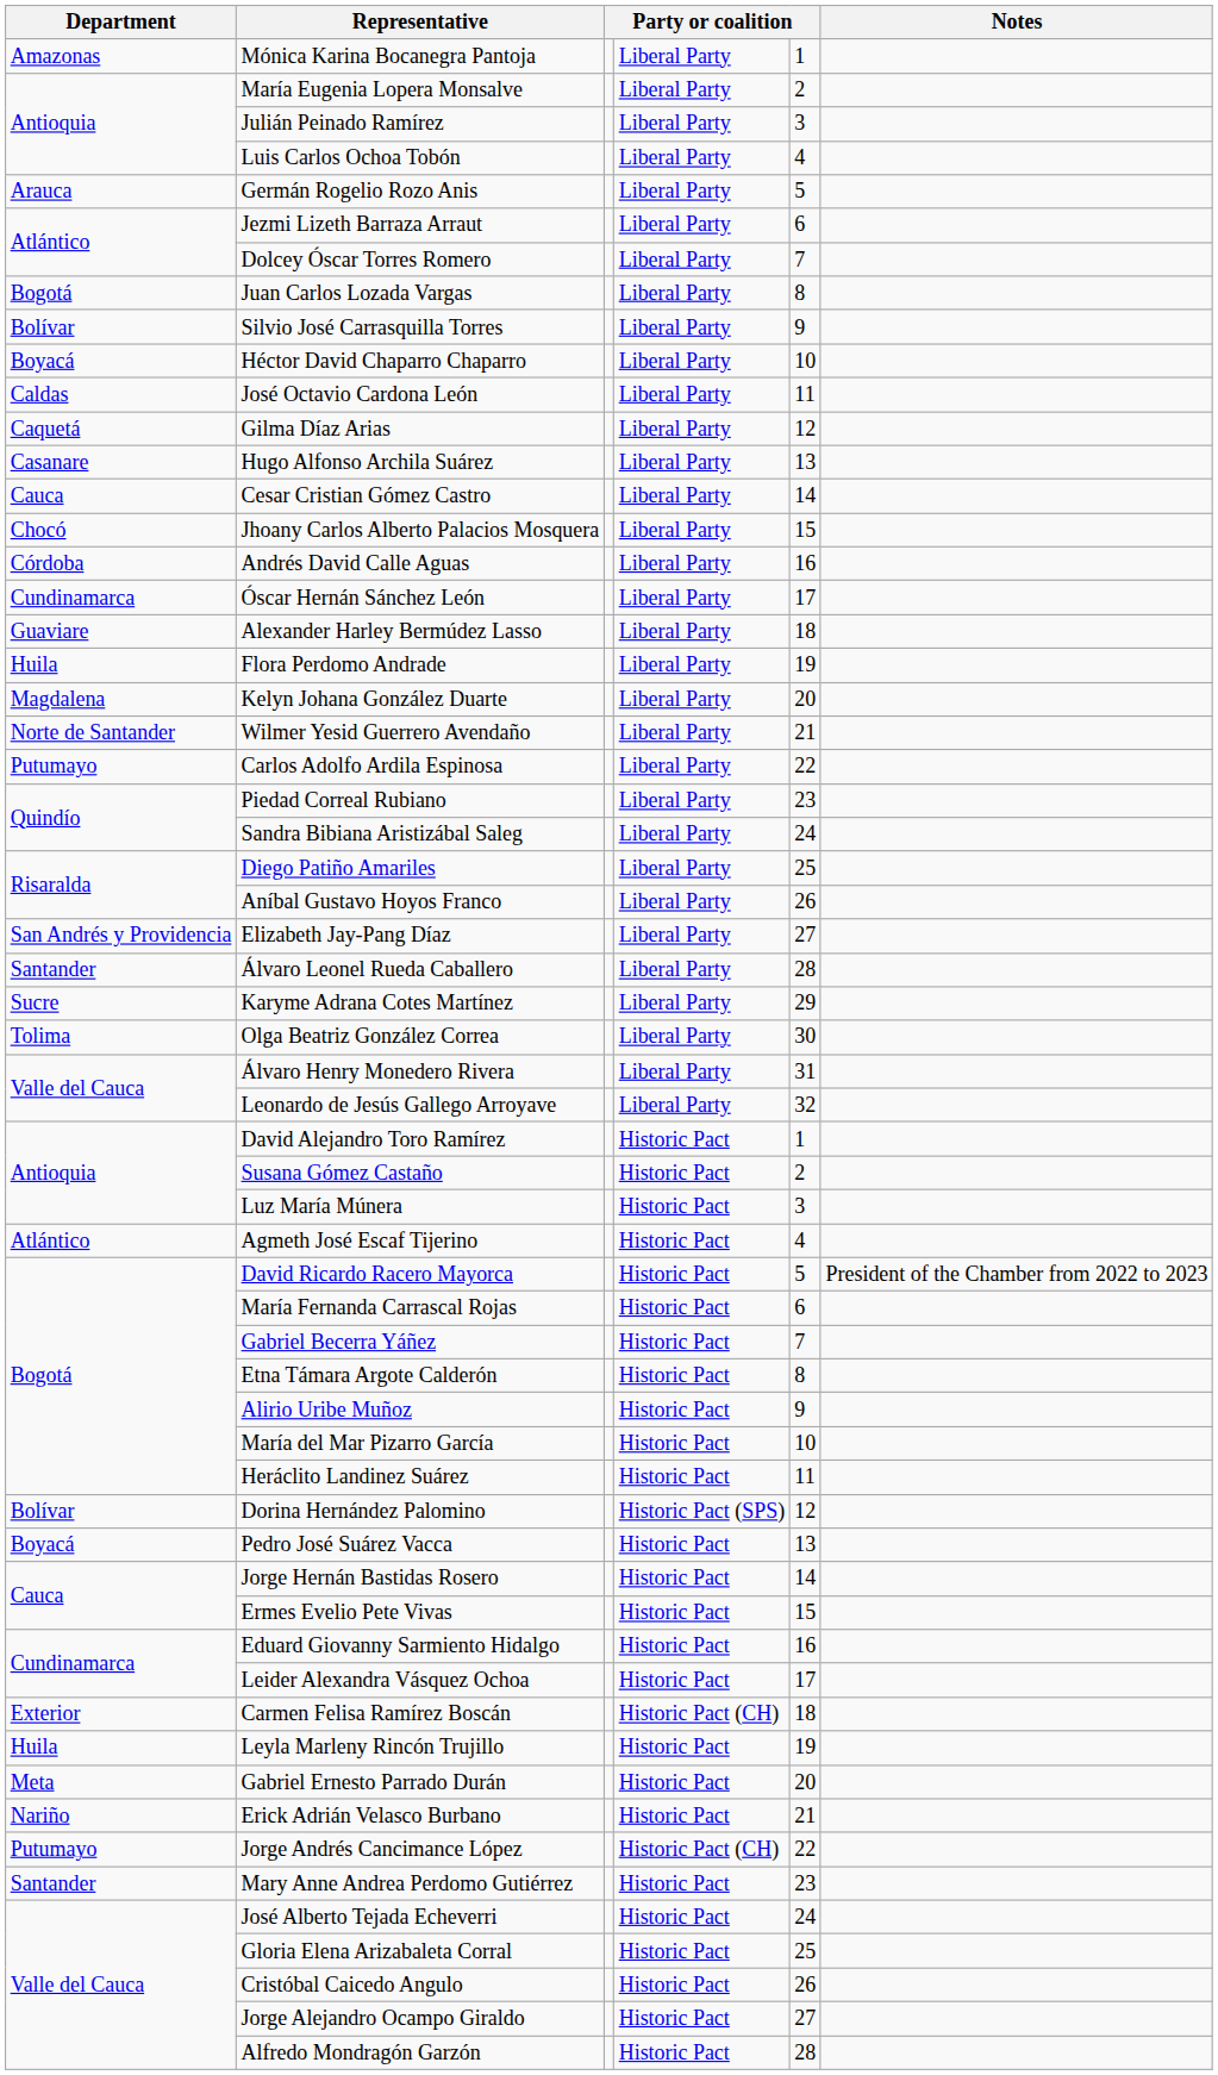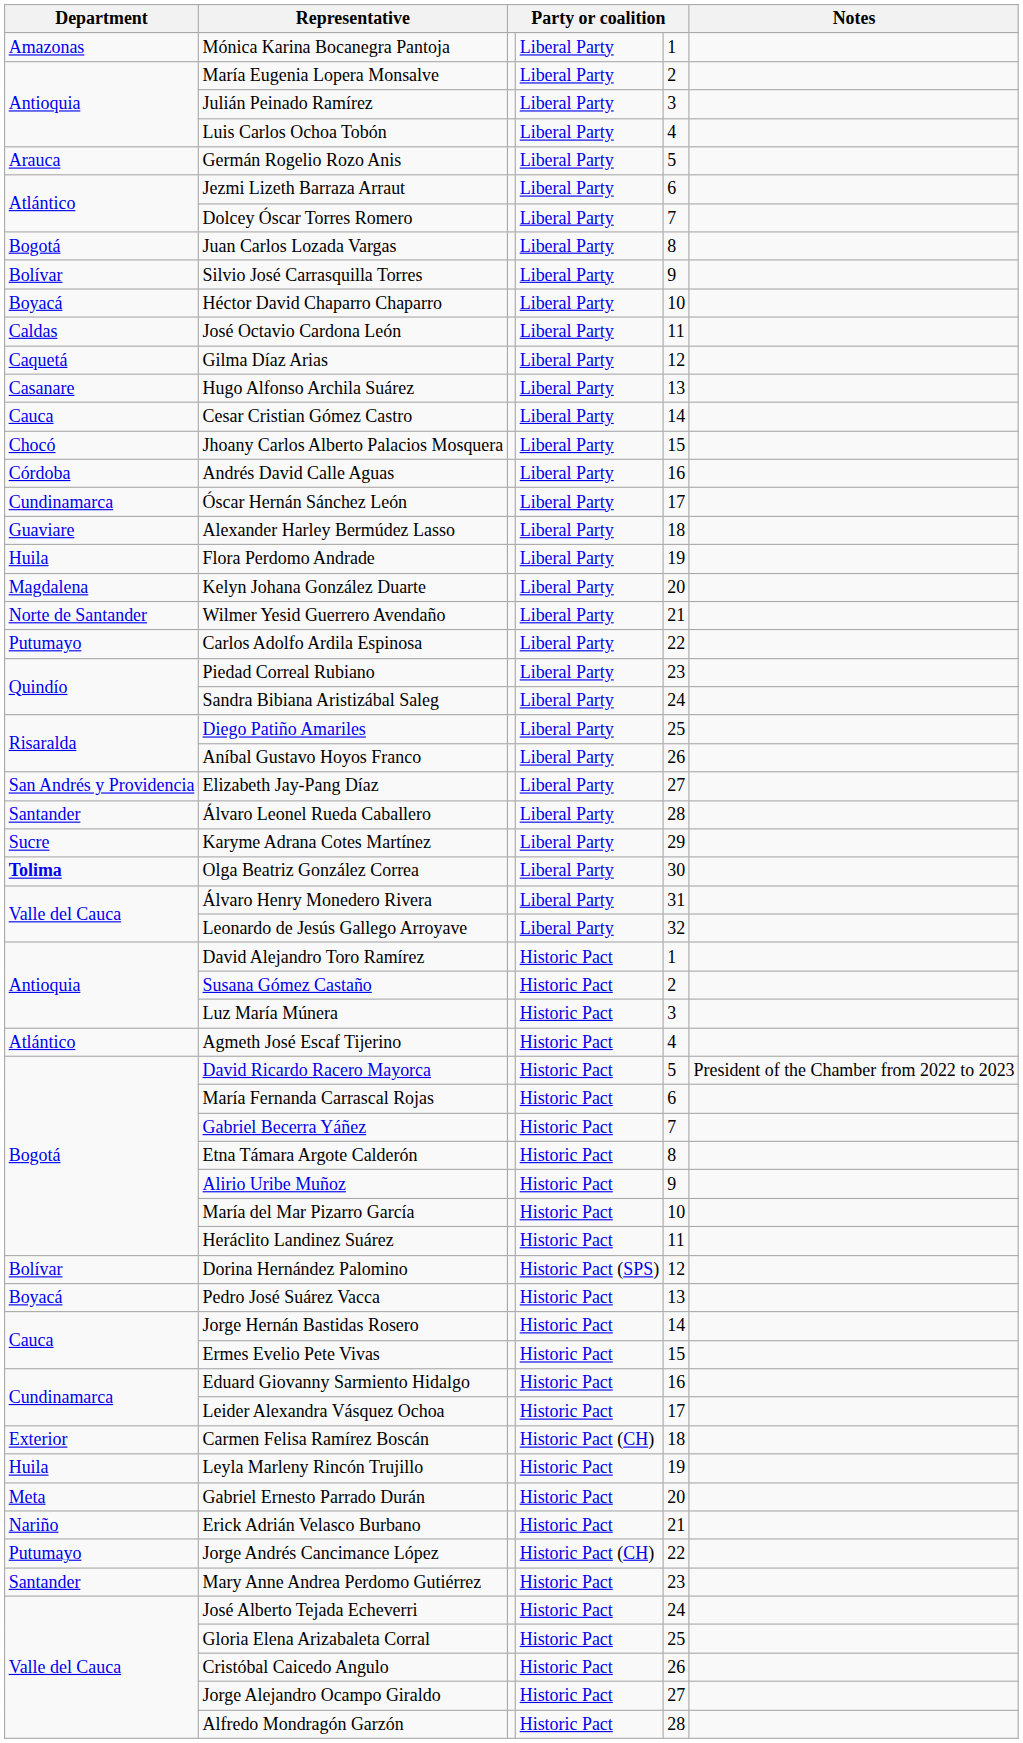 <table class="wikitable sortable" style="text-align:left">
 <tr>
 <th>Department</th>
 <th>Representative</th>
 <th colspan="3">Party or coalition</th>
 <th>Notes</th>
 </tr>
 <tr>
 <td><a href='#'>Amazonas</a></td>
 <td>Mónica Karina Bocanegra Pantoja</td>
 <td style="background: "></td>
 <td><a href='#'>Liberal Party</a></td>
 <td>1</td>
 <td></td>
 </tr>
 <tr>
 <td rowspan="3"><a href='#'>Antioquia</a></td>
 <td>María Eugenia Lopera Monsalve</td>
 <td style="background: "></td>
 <td><a href='#'>Liberal Party</a></td>
 <td>2</td>
 <td></td>
 </tr>
 <tr>
 <td>Julián Peinado Ramírez</td>
 <td style="background: "></td>
 <td><a href='#'>Liberal Party</a></td>
 <td>3</td>
 <td></td>
 </tr>
 <tr>
 <td>Luis Carlos Ochoa Tobón</td>
 <td style="background: "></td>
 <td><a href='#'>Liberal Party</a></td>
 <td>4</td>
 <td></td>
 </tr>
 <tr>
 <td><a href='#'>Arauca</a></td>
 <td>Germán Rogelio Rozo Anis</td>
 <td style="background: "></td>
 <td><a href='#'>Liberal Party</a></td>
 <td>5</td>
 <td></td>
 </tr>
 <tr>
 <td rowspan="2"><a href='#'>Atlántico</a></td>
 <td>Jezmi Lizeth Barraza Arraut</td>
 <td style="background: "></td>
 <td><a href='#'>Liberal Party</a></td>
 <td>6</td>
 <td></td>
 </tr>
 <tr>
 <td>Dolcey Óscar Torres Romero</td>
 <td style="background: "></td>
 <td><a href='#'>Liberal Party</a></td>
 <td>7</td>
 <td></td>
 </tr>
 <tr>
 <td><a href='#'>Bogotá</a></td>
 <td>Juan Carlos Lozada Vargas</td>
 <td style="background: "></td>
 <td><a href='#'>Liberal Party</a></td>
 <td>8</td>
 <td></td>
 </tr>
 <tr>
 <td><a href='#'>Bolívar</a></td>
 <td>Silvio José Carrasquilla Torres</td>
 <td style="background: "></td>
 <td><a href='#'>Liberal Party</a></td>
 <td>9</td>
 <td></td>
 </tr>
 <tr>
 <td><a href='#'>Boyacá</a></td>
 <td>Héctor David Chaparro Chaparro</td>
 <td style="background: "></td>
 <td><a href='#'>Liberal Party</a></td>
 <td>10</td>
 <td></td>
 </tr>
 <tr>
 <td><a href='#'>Caldas</a></td>
 <td>José Octavio Cardona León</td>
 <td style="background: "></td>
 <td><a href='#'>Liberal Party</a></td>
 <td>11</td>
 <td></td>
 </tr>
 <tr>
 <td><a href='#'>Caquetá</a></td>
 <td>Gilma Díaz Arias</td>
 <td style="background: "></td>
 <td><a href='#'>Liberal Party</a></td>
 <td>12</td>
 <td></td>
 </tr>
 <tr>
 <td><a href='#'>Casanare</a></td>
 <td>Hugo Alfonso Archila Suárez</td>
 <td style="background: "></td>
 <td><a href='#'>Liberal Party</a></td>
 <td>13</td>
 <td></td>
 </tr>
 <tr>
 <td><a href='#'>Cauca</a></td>
 <td>Cesar Cristian Gómez Castro</td>
 <td style="background: "></td>
 <td><a href='#'>Liberal Party</a></td>
 <td>14</td>
 <td></td>
 </tr>
 <tr>
 <td><a href='#'>Chocó</a></td>
 <td>Jhoany Carlos Alberto Palacios Mosquera</td>
 <td style="background: "></td>
 <td><a href='#'>Liberal Party</a></td>
 <td>15</td>
 <td></td>
 </tr>
 <tr>
 <td><a href='#'>Córdoba</a></td>
 <td>Andrés David Calle Aguas</td>
 <td style="background: "></td>
 <td><a href='#'>Liberal Party</a></td>
 <td>16</td>
 <td></td>
 </tr>
 <tr>
 <td><a href='#'>Cundinamarca</a></td>
 <td>Óscar Hernán Sánchez León</td>
 <td style="background: "></td>
 <td><a href='#'>Liberal Party</a></td>
 <td>17</td>
 <td></td>
 </tr>
 <tr>
 <td><a href='#'>Guaviare</a></td>
 <td>Alexander Harley Bermúdez Lasso</td>
 <td style="background: "></td>
 <td><a href='#'>Liberal Party</a></td>
 <td>18</td>
 <td></td>
 </tr>
 <tr>
 <td><a href='#'>Huila</a></td>
 <td>Flora Perdomo Andrade</td>
 <td style="background: "></td>
 <td><a href='#'>Liberal Party</a></td>
 <td>19</td>
 <td></td>
 </tr>
 <tr>
 <td><a href='#'>Magdalena</a></td>
 <td>Kelyn Johana González Duarte</td>
 <td style="background: "></td>
 <td><a href='#'>Liberal Party</a></td>
 <td>20</td>
 <td></td>
 </tr>
 <tr>
 <td><a href='#'>Norte de Santander</a></td>
 <td>Wilmer Yesid Guerrero Avendaño</td>
 <td style="background: "></td>
 <td><a href='#'>Liberal Party</a></td>
 <td>21</td>
 <td></td>
 </tr>
 <tr>
 <td><a href='#'>Putumayo</a></td>
 <td>Carlos Adolfo Ardila Espinosa</td>
 <td style="background: "></td>
 <td><a href='#'>Liberal Party</a></td>
 <td>22</td>
 <td></td>
 </tr>
 <tr>
 <td rowspan="2"><a href='#'>Quindío</a></td>
 <td>Piedad Correal Rubiano</td>
 <td style="background: "></td>
 <td><a href='#'>Liberal Party</a></td>
 <td>23</td>
 <td></td>
 </tr>
 <tr>
 <td>Sandra Bibiana Aristizábal Saleg</td>
 <td style="background: "></td>
 <td><a href='#'>Liberal Party</a></td>
 <td>24</td>
 <td></td>
 </tr>
 <tr>
 <td rowspan="2"><a href='#'>Risaralda</a></td>
 <td><a href='#'>Diego Patiño Amariles</a></td>
 <td style="background: "></td>
 <td><a href='#'>Liberal Party</a></td>
 <td>25</td>
 <td></td>
 </tr>
 <tr>
 <td>Aníbal Gustavo Hoyos Franco</td>
 <td style="background: "></td>
 <td><a href='#'>Liberal Party</a></td>
 <td>26</td>
 <td></td>
 </tr>
 <tr>
 <td><a href='#'>San Andrés y Providencia</a></td>
 <td>Elizabeth Jay-Pang Díaz</td>
 <td style="background: "></td>
 <td><a href='#'>Liberal Party</a></td>
 <td>27</td>
 <td></td>
 </tr>
 <tr>
 <td><a href='#'>Santander</a></td>
 <td>Álvaro Leonel Rueda Caballero</td>
 <td style="background: "></td>
 <td><a href='#'>Liberal Party</a></td>
 <td>28</td>
 <td></td>
 </tr>
 <tr>
 <td><a href='#'>Sucre</a></td>
 <td>Karyme Adrana Cotes Martínez</td>
 <td style="background: "></td>
 <td><a href='#'>Liberal Party</a></td>
 <td>29</td>
 <td></td>
 </tr>
 <tr>
-<td><a href='#'>Tolima</a></td>
+<td><strong><a href='#'>Tolima</a></strong></td>
 <td>Olga Beatriz González Correa</td>
 <td style="background: "></td>
 <td><a href='#'>Liberal Party</a></td>
 <td>30</td>
 <td></td>
 </tr>
 <tr>
 <td rowspan="2"><a href='#'>Valle del Cauca</a></td>
 <td>Álvaro Henry Monedero Rivera</td>
 <td style="background: "></td>
 <td><a href='#'>Liberal Party</a></td>
 <td>31</td>
 <td></td>
 </tr>
 <tr>
 <td>Leonardo de Jesús Gallego Arroyave</td>
 <td style="background: "></td>
 <td><a href='#'>Liberal Party</a></td>
 <td>32</td>
 <td></td>
 </tr>
 <tr>
 <td rowspan="3"><a href='#'>Antioquia</a></td>
 <td>David Alejandro Toro Ramírez</td>
 <td style="background: "></td>
 <td><a href='#'>Historic Pact</a></td>
 <td>1</td>
 <td></td>
 </tr>
 <tr>
 <td><a href='#'>Susana Gómez Castaño</a></td>
 <td style="background: "></td>
 <td><a href='#'>Historic Pact</a></td>
 <td>2</td>
 <td></td>
 </tr>
 <tr>
 <td>Luz María Múnera</td>
 <td style="background: "></td>
 <td><a href='#'>Historic Pact</a></td>
 <td>3</td>
 <td></td>
 </tr>
 <tr>
 <td><a href='#'>Atlántico</a></td>
 <td>Agmeth José Escaf Tijerino</td>
 <td style="background: "></td>
 <td><a href='#'>Historic Pact</a></td>
 <td>4</td>
 <td></td>
 </tr>
 <tr>
 <td rowspan="7"><a href='#'>Bogotá</a></td>
 <td><a href='#'>David Ricardo Racero Mayorca</a></td>
 <td style="background: "></td>
 <td><a href='#'>Historic Pact</a></td>
 <td>5</td>
 <td>President of the Chamber from 2022 to 2023</td>
 </tr>
 <tr>
 <td>María Fernanda Carrascal Rojas</td>
 <td style="background: "></td>
 <td><a href='#'>Historic Pact</a></td>
 <td>6</td>
 <td></td>
 </tr>
 <tr>
 <td><a href='#'>Gabriel Becerra Yáñez</a></td>
 <td style="background: "></td>
 <td><a href='#'>Historic Pact</a></td>
 <td>7</td>
 <td></td>
 </tr>
 <tr>
 <td>Etna Támara Argote Calderón</td>
 <td style="background: "></td>
 <td><a href='#'>Historic Pact</a></td>
 <td>8</td>
 <td></td>
 </tr>
 <tr>
 <td><a href='#'>Alirio Uribe Muñoz</a></td>
 <td style="background: "></td>
 <td><a href='#'>Historic Pact</a></td>
 <td>9</td>
 <td></td>
 </tr>
 <tr>
 <td>María del Mar Pizarro García</td>
 <td style="background: "></td>
 <td><a href='#'>Historic Pact</a></td>
 <td>10</td>
 <td></td>
 </tr>
 <tr>
 <td>Heráclito Landinez Suárez</td>
 <td style="background: "></td>
 <td><a href='#'>Historic Pact</a></td>
 <td>11</td>
 <td></td>
 </tr>
 <tr>
 <td><a href='#'>Bolívar</a></td>
 <td>Dorina Hernández Palomino</td>
 <td style="background: "></td>
 <td><a href='#'>Historic Pact</a> (<a href='#'>SPS</a>)</td>
 <td>12</td>
 <td></td>
 </tr>
 <tr>
 <td><a href='#'>Boyacá</a></td>
 <td>Pedro José Suárez Vacca</td>
 <td style="background: "></td>
 <td><a href='#'>Historic Pact</a></td>
 <td>13</td>
 <td></td>
 </tr>
 <tr>
 <td rowspan="2"><a href='#'>Cauca</a></td>
 <td>Jorge Hernán Bastidas Rosero</td>
 <td style="background: "></td>
 <td><a href='#'>Historic Pact</a></td>
 <td>14</td>
 <td></td>
 </tr>
 <tr>
 <td>Ermes Evelio Pete Vivas</td>
 <td style="background: "></td>
 <td><a href='#'>Historic Pact</a></td>
 <td>15</td>
 <td></td>
 </tr>
 <tr>
 <td rowspan="2"><a href='#'>Cundinamarca</a></td>
 <td>Eduard Giovanny Sarmiento Hidalgo</td>
 <td style="background: "></td>
 <td><a href='#'>Historic Pact</a></td>
 <td>16</td>
 <td></td>
 </tr>
 <tr>
 <td>Leider Alexandra Vásquez Ochoa</td>
 <td style="background: "></td>
 <td><a href='#'>Historic Pact</a></td>
 <td>17</td>
 <td></td>
 </tr>
 <tr>
 <td><a href='#'>Exterior</a></td>
 <td>Carmen Felisa Ramírez Boscán</td>
 <td style="background: "></td>
 <td><a href='#'>Historic Pact</a> (<a href='#'>CH</a>)</td>
 <td>18</td>
 <td></td>
 </tr>
 <tr>
 <td><a href='#'>Huila</a></td>
 <td>Leyla Marleny Rincón Trujillo</td>
 <td style="background: "></td>
 <td><a href='#'>Historic Pact</a></td>
 <td>19</td>
 <td></td>
 </tr>
 <tr>
 <td><a href='#'>Meta</a></td>
 <td>Gabriel Ernesto Parrado Durán</td>
 <td style="background: "></td>
 <td><a href='#'>Historic Pact</a></td>
 <td>20</td>
 <td></td>
 </tr>
 <tr>
 <td><a href='#'>Nariño</a></td>
 <td>Erick Adrián Velasco Burbano</td>
 <td style="background: "></td>
 <td><a href='#'>Historic Pact</a></td>
 <td>21</td>
 <td></td>
 </tr>
 <tr>
 <td><a href='#'>Putumayo</a></td>
 <td>Jorge Andrés Cancimance López</td>
 <td style="background: "></td>
 <td><a href='#'>Historic Pact</a> (<a href='#'>CH</a>)</td>
 <td>22</td>
 <td></td>
 </tr>
 <tr>
 <td><a href='#'>Santander</a></td>
 <td>Mary Anne Andrea Perdomo Gutiérrez</td>
 <td style="background: "></td>
 <td><a href='#'>Historic Pact</a></td>
 <td>23</td>
 <td></td>
 </tr>
 <tr>
 <td rowspan="5"><a href='#'>Valle del Cauca</a></td>
 <td>José Alberto Tejada Echeverri</td>
 <td style="background: "></td>
 <td><a href='#'>Historic Pact</a></td>
 <td>24</td>
 <td></td>
 </tr>
 <tr>
 <td>Gloria Elena Arizabaleta Corral</td>
 <td style="background: "></td>
 <td><a href='#'>Historic Pact</a></td>
 <td>25</td>
 <td></td>
 </tr>
 <tr>
 <td>Cristóbal Caicedo Angulo</td>
 <td style="background: "></td>
 <td><a href='#'>Historic Pact</a></td>
 <td>26</td>
 <td></td>
 </tr>
 <tr>
 <td>Jorge Alejandro Ocampo Giraldo</td>
 <td style="background: "></td>
 <td><a href='#'>Historic Pact</a></td>
 <td>27</td>
 <td></td>
 </tr>
 <tr>
 <td>Alfredo Mondragón Garzón</td>
 <td style="background: "></td>
 <td><a href='#'>Historic Pact</a></td>
 <td>28</td>
 <td></td>
 </tr>
 </table>
